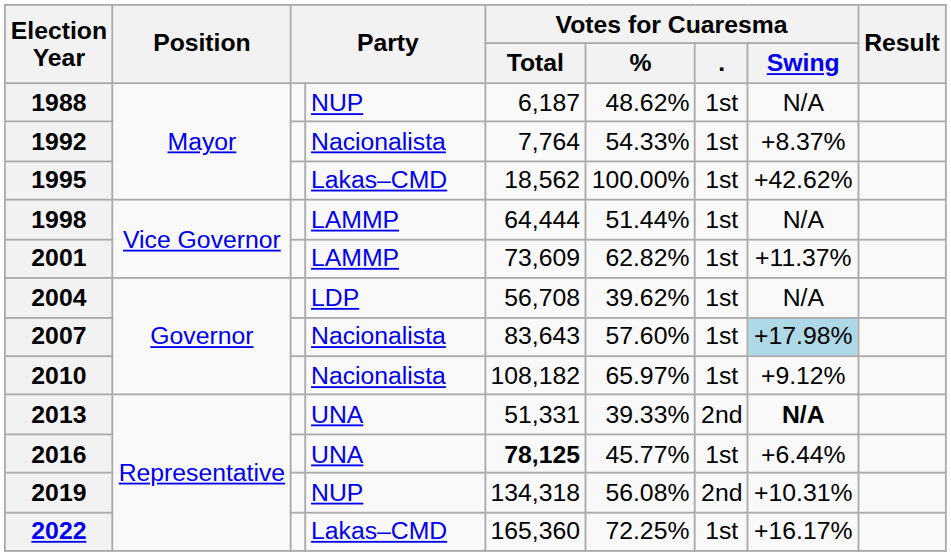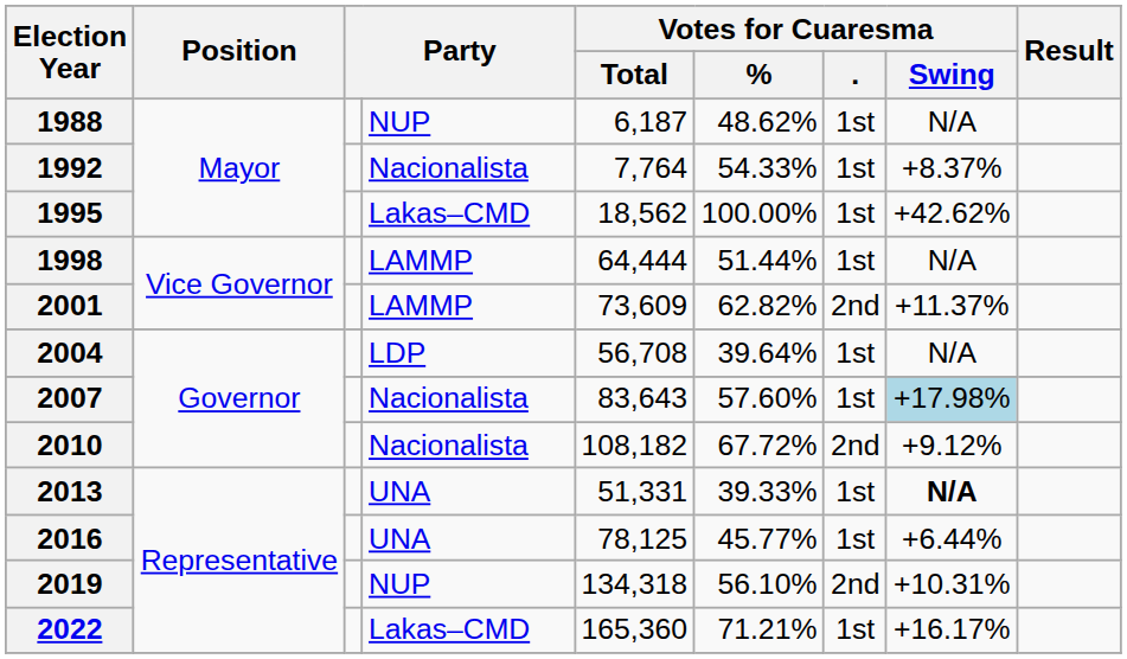 <table class="wikitable" style="font-size:85%; text-align:center;">
 <tr>
 <th rowspan="2" style="width:50px;">Election Year</th>
 <th rowspan="2" style="width:85px;">Position</th>
 <th colspan="2" rowspan="2" style="width:100px;">Party</th>
 <th colspan="4">Votes for Cuaresma</th>
 <th rowspan="2" style="width:30px;">Result</th>
 </tr>
 <tr>
 <th>Total</th>
 <th>%</th>
 <th>.</th>
 <th><a href='#'>Swing</a></th>
 </tr>
 <tr>
 <th>1988</th>
 <td rowspan="3"><a href='#'>Mayor</a></td>
 <td style="background:"></td>
 <td style="text-align:left;"><a href='#'>NUP</a></td>
 <td style="text-align:right;">6,187</td>
 <td style="text-align:right;">48.62%</td>
 <td>1st</td>
 <td>N/A</td>
 <td></td>
 </tr>
 <tr>
 <th>1992</th>
 <td style="background:"></td>
 <td style="text-align:left;"><a href='#'>Nacionalista</a></td>
 <td style="text-align:right;">7,764</td>
 <td style="text-align:right;">54.33%</td>
 <td>1st</td>
 <td>+8.37%</td>
 <td></td>
 </tr>
 <tr>
 <th>1995</th>
 <td style="background:"></td>
 <td style="text-align:left;"><a href='#'>Lakas–CMD</a></td>
 <td style="text-align:right;">18,562</td>
 <td style="text-align:right;">100.00%</td>
 <td>1st</td>
 <td>+42.62%</td>
 <td></td>
 </tr>
 <tr>
 <th>1998</th>
 <td rowspan="2"><a href='#'>Vice Governor</a></td>
 <td style="background:"></td>
 <td style="text-align:left;"><a href='#'>LAMMP</a></td>
 <td style="text-align:right;">64,444</td>
 <td style="text-align:right;">51.44%</td>
 <td>1st</td>
 <td>N/A</td>
 <td></td>
 </tr>
 <tr>
 <th>2001</th>
 <td style="background:"></td>
 <td style="text-align:left;"><a href='#'>LAMMP</a></td>
 <td style="text-align:right;">73,609</td>
 <td style="text-align:right;">62.82%</td>
-<td>1st</td>
+<td>2nd</td>
 <td>+11.37%</td>
 <td></td>
 </tr>
 <tr>
 <th>2004</th>
 <td rowspan="3"><a href='#'>Governor</a></td>
 <td style="background:"></td>
 <td style="text-align:left;"><a href='#'>LDP</a></td>
 <td style="text-align:right;">56,708</td>
-<td style="text-align:right;">39.62%</td>
+<td style="text-align:right;">39.64%</td>
 <td>1st</td>
 <td>N/A</td>
 <td></td>
 </tr>
 <tr>
 <th>2007</th>
 <td style="background:"></td>
 <td style="text-align:left;"><a href='#'>Nacionalista</a></td>
 <td style="text-align:right;">83,643</td>
 <td style="text-align:right;">57.60%</td>
 <td>1st</td>
 <td style="background: lightblue;">+17.98%</td>
 <td></td>
 </tr>
 <tr>
 <th>2010</th>
 <td style="background:"></td>
 <td style="text-align:left;"><a href='#'>Nacionalista</a></td>
 <td style="text-align:right;">108,182</td>
-<td style="text-align:right;">65.97%</td>
-<td>1st</td>
+<td style="text-align:right;">67.72%</td>
+<td>2nd</td>
 <td>+9.12%</td>
 <td></td>
 </tr>
 <tr>
 <th>2013</th>
 <td rowspan="4"><a href='#'>Representative</a></td>
 <td style="background:"></td>
 <td style="text-align:left;"><a href='#'>UNA</a></td>
 <td style="text-align:right;">51,331</td>
 <td style="text-align:right;">39.33%</td>
-<td>2nd</td>
+<td>1st</td>
 <td><strong>N/A</strong></td>
 <td></td>
 </tr>
 <tr>
 <th>2016</th>
 <td style="background:"></td>
 <td style="text-align:left;"><a href='#'>UNA</a></td>
-<td style="text-align:right;"><strong>78,125</strong></td>
+<td style="text-align:right;">78,125</td>
 <td style="text-align:right;">45.77%</td>
 <td>1st</td>
 <td>+6.44%</td>
 <td></td>
 </tr>
 <tr>
 <th>2019</th>
 <td style="background:"></td>
 <td style="text-align:left;"><a href='#'>NUP</a></td>
 <td style="text-align:right;">134,318</td>
-<td style="text-align:right;">56.08%</td>
+<td style="text-align:right;">56.10%</td>
 <td>2nd</td>
 <td>+10.31%</td>
 <td></td>
 </tr>
 <tr>
 <th><a href='#'>2022</a></th>
 <td style="background:"></td>
 <td style="text-align:left;"><a href='#'>Lakas–CMD</a></td>
 <td style="text-align:right;">165,360</td>
-<td style="text-align:right;">72.25%</td>
+<td style="text-align:right;">71.21%</td>
 <td>1st</td>
 <td>+16.17%</td>
 <td></td>
 </tr>
 </table>
